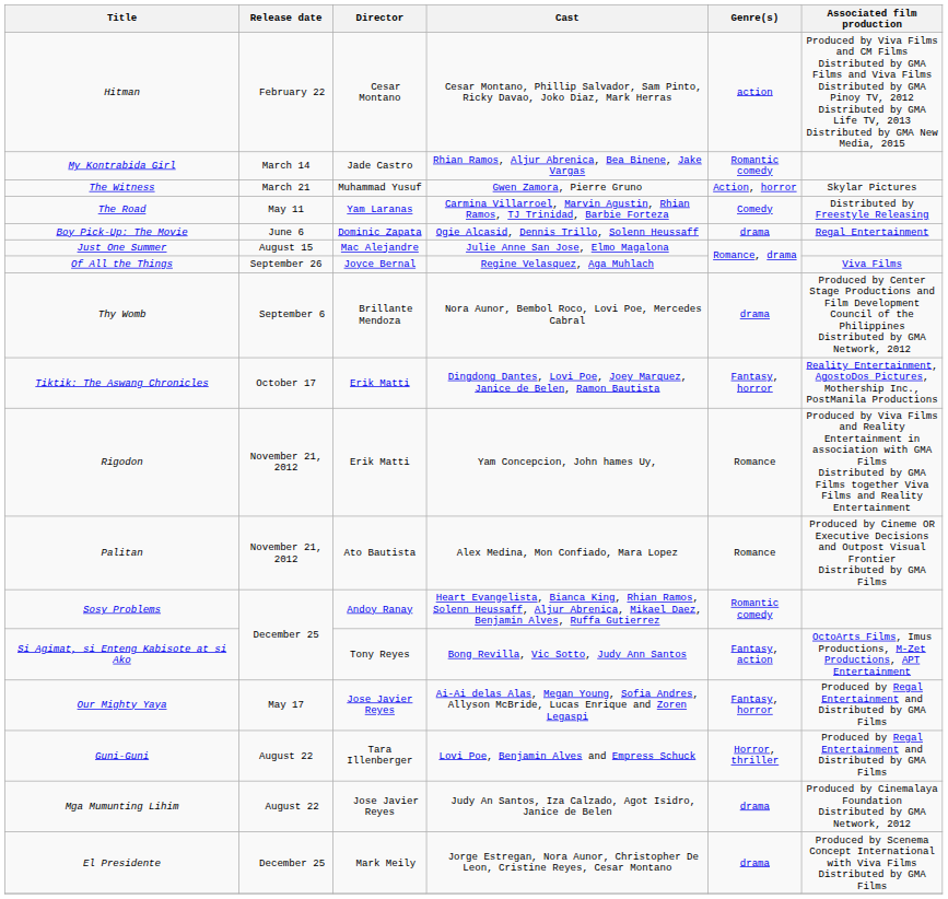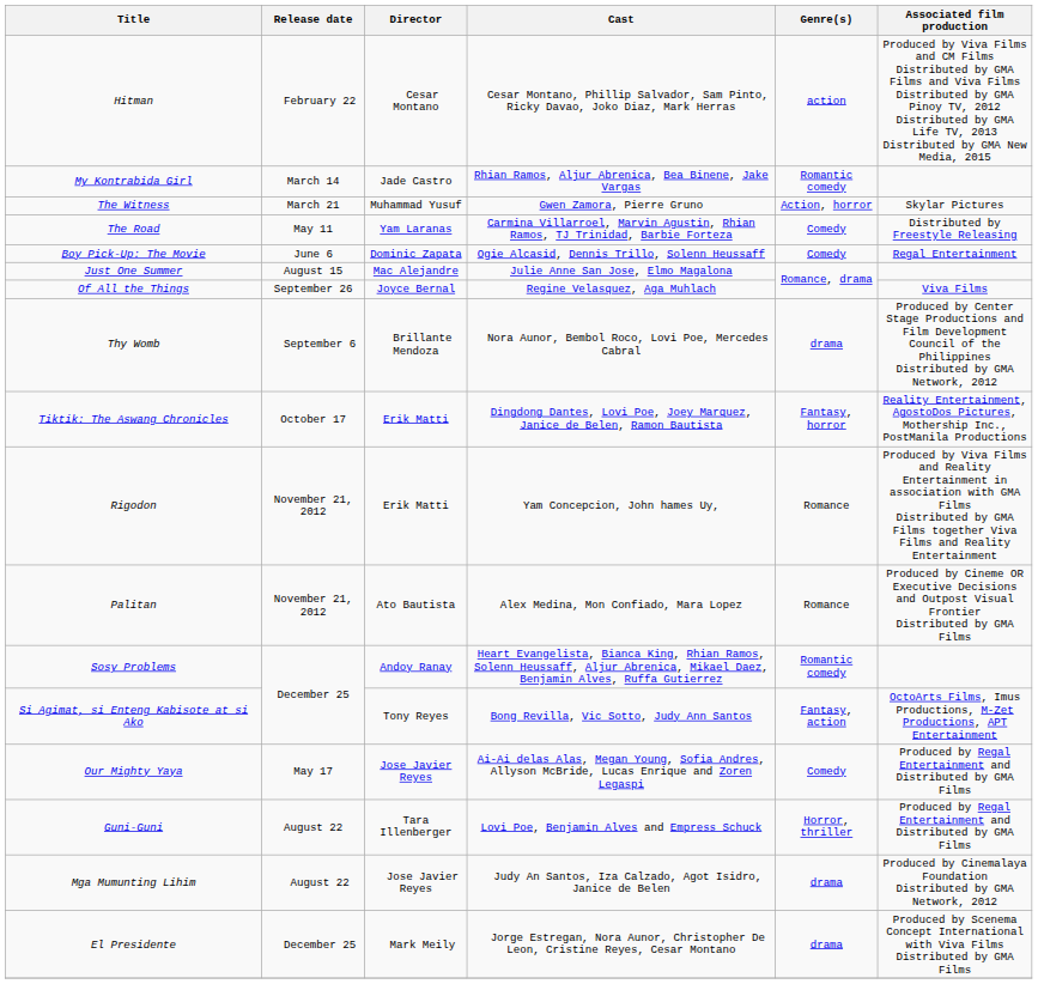 <table class="wikitable" "toccolours sortable" style="width:97%; text-align:center">
 <tr>
 <th style="width:25%;">Title</th>
 <th style="width:10%;">Release date</th>
 <th style="width:10%;">Director</th>
 <th style="width:30%;">Cast</th>
 <th style="width:10%;">Genre(s)</th>
 <th style="width:15%;">Associated film production</th>
 </tr>
 <tr>
 <td><em>Hitman</em></td>
 <td>  February 22</td>
 <td>  Cesar Montano</td>
 <td>  Cesar Montano, Phillip Salvador, Sam Pinto, Ricky Davao, Joko Diaz, Mark Herras</td>
 <td><a href='#'>action</a></td>
 <td>Produced by Viva Films and CM Films<br>Distributed by GMA Films and Viva Films Distributed by GMA Pinoy TV, 2012 Distributed by GMA Life TV, 2013 Distributed by GMA New Media, 2015 </td>
 </tr>
 <tr>
 <td><em><a href='#'>My Kontrabida Girl</a></em></td>
 <td>March 14</td>
 <td>Jade Castro</td>
 <td><a href='#'>Rhian Ramos</a>, <a href='#'>Aljur Abrenica</a>, <a href='#'>Bea Binene</a>, <a href='#'>Jake Vargas</a></td>
 <td><a href='#'>Romantic comedy</a></td>
 <td></td>
 </tr>
 <tr>
 <td><em><a href='#'>The Witness</a></em></td>
 <td>March 21</td>
 <td>Muhammad Yusuf</td>
 <td><a href='#'>Gwen Zamora</a>, Pierre Gruno</td>
 <td><a href='#'>Action</a>, <a href='#'>horror</a></td>
 <td>Skylar Pictures</td>
 </tr>
 <tr>
 <td><em><a href='#'>The Road</a></em></td>
 <td>May 11</td>
 <td><a href='#'>Yam Laranas</a></td>
 <td><a href='#'>Carmina Villarroel</a>, <a href='#'>Marvin Agustin</a>, <a href='#'>Rhian Ramos</a>, <a href='#'>TJ Trinidad</a>, <a href='#'>Barbie Forteza</a></td>
 <td><a href='#'>Comedy</a></td>
 <td>Distributed by <a href='#'>Freestyle Releasing</a> </td>
 </tr>
 <tr>
 <td><em><a href='#'>Boy Pick-Up: The Movie</a></em></td>
 <td>June 6</td>
 <td><a href='#'>Dominic Zapata</a></td>
 <td><a href='#'>Ogie Alcasid</a>, <a href='#'>Dennis Trillo</a>, <a href='#'>Solenn Heussaff</a></td>
-<td><a href='#'>drama</a></td>
+<td><a href='#'>Comedy</a></td>
 <td><a href='#'>Regal Entertainment</a></td>
 </tr>
 <tr>
 <td><em><a href='#'>Just One Summer</a></em></td>
 <td>August 15</td>
 <td><a href='#'>Mac Alejandre</a></td>
 <td><a href='#'>Julie Anne San Jose</a>, <a href='#'>Elmo Magalona</a></td>
 <td rowspan="2"><a href='#'>Romance</a>, <a href='#'>drama</a></td>
 <td></td>
 </tr>
 <tr>
 <td><em><a href='#'>Of All the Things</a></em></td>
 <td>September 26</td>
 <td><a href='#'>Joyce Bernal</a></td>
 <td><a href='#'>Regine Velasquez</a>, <a href='#'>Aga Muhlach</a></td>
 <td><a href='#'>Viva Films</a></td>
 </tr>
 <tr>
 <td><em>Thy Womb</em></td>
 <td>  September 6</td>
 <td>  Brillante Mendoza</td>
 <td>  Nora Aunor, Bembol Roco, Lovi Poe, Mercedes Cabral</td>
 <td><a href='#'>drama</a></td>
 <td>Produced by Center Stage Productions and Film Development Council of the Philippines<br>Distributed by GMA Network, 2012 </td>
 </tr>
 <tr>
 <td><em><a href='#'>Tiktik: The Aswang Chronicles</a></em></td>
 <td>October 17</td>
 <td><a href='#'>Erik Matti</a></td>
 <td><a href='#'>Dingdong Dantes</a>, <a href='#'>Lovi Poe</a>, <a href='#'>Joey Marquez</a>, <a href='#'>Janice de Belen</a>, <a href='#'>Ramon Bautista</a></td>
 <td><a href='#'>Fantasy</a>, <a href='#'>horror</a></td>
 <td><a href='#'>Reality Entertainment</a>, <a href='#'>AgostoDos Pictures</a>, Mothership Inc., PostManila Productions</td>
 </tr>
 <tr>
 <td><em>Rigodon</em></td>
 <td>November 21, 2012</td>
 <td>Erik Matti</td>
 <td>Yam Concepcion, John hames Uy,</td>
 <td>Romance</td>
 <td>Produced by Viva Films and Reality Entertainment in association with GMA Films<br>Distributed by GMA Films together Viva Films and Reality  Entertainment </td>
 </tr>
 <tr>
 <td><em>Palitan</em></td>
 <td>November 21, 2012</td>
 <td>Ato Bautista</td>
 <td>Alex Medina, Mon Confiado, Mara Lopez</td>
 <td>Romance</td>
 <td>Produced by Cineme OR Executive Decisions and Outpost Visual Frontier<br>Distributed by GMA Films </td>
 </tr>
 <tr>
 <td><em><a href='#'>Sosy Problems</a></em></td>
 <td rowspan="2">December 25</td>
 <td><a href='#'>Andoy Ranay</a></td>
 <td><a href='#'>Heart Evangelista</a>, <a href='#'>Bianca King</a>, <a href='#'>Rhian Ramos</a>, <a href='#'>Solenn Heussaff</a>, <a href='#'>Aljur Abrenica</a>, <a href='#'>Mikael Daez</a>, <a href='#'>Benjamin Alves</a>, <a href='#'>Ruffa Gutierrez</a></td>
 <td><a href='#'>Romantic comedy</a></td>
 <td></td>
 </tr>
 <tr>
 <td><em><a href='#'>Si Agimat, si Enteng Kabisote at si Ako</a></em></td>
 <td>Tony Reyes</td>
 <td><a href='#'>Bong Revilla</a>, <a href='#'>Vic Sotto</a>, <a href='#'>Judy Ann Santos</a></td>
 <td><a href='#'>Fantasy</a>, <a href='#'>action</a></td>
 <td><a href='#'>OctoArts Films</a>, Imus Productions, <a href='#'>M-Zet Productions</a>, <a href='#'>APT Entertainment</a></td>
 </tr>
 <tr>
 <td><em><a href='#'>Our Mighty Yaya</a></em></td>
 <td>May 17</td>
 <td><a href='#'>Jose Javier Reyes</a></td>
 <td><a href='#'>Ai-Ai delas Alas</a>, <a href='#'>Megan Young</a>, <a href='#'>Sofia Andres</a>, Allyson McBride, Lucas Enrique and <a href='#'>Zoren Legaspi</a></td>
-<td><a href='#'>Fantasy</a>, <a href='#'>horror</a></td>
+<td><a href='#'>Comedy</a></td>
 <td>Produced by <a href='#'>Regal Entertainment</a> and Distributed by GMA Films</td>
 </tr>
 <tr>
 <td><em><a href='#'>Guni-Guni</a></em></td>
 <td>August 22</td>
 <td>Tara Illenberger</td>
 <td><a href='#'>Lovi Poe</a>, <a href='#'>Benjamin Alves</a> and <a href='#'>Empress Schuck</a></td>
 <td><a href='#'>Horror</a>, <a href='#'>thriller</a></td>
 <td>Produced by <a href='#'>Regal Entertainment</a> and Distributed by GMA Films</td>
 </tr>
 <tr>
 <td><em>Mga Mumunting Lihim</em></td>
 <td>  August 22</td>
 <td>  Jose Javier Reyes</td>
 <td>  Judy An Santos, Iza Calzado, Agot Isidro, Janice de Belen</td>
 <td><a href='#'>drama</a></td>
 <td>Produced by Cinemalaya Foundation<br>Distributed by GMA Network, 2012 </td>
 </tr>
 <tr>
 <td><em>El Presidente</em></td>
 <td>  December 25</td>
 <td>  Mark Meily</td>
 <td>  Jorge Estregan, Nora Aunor, Christopher De Leon, Cristine Reyes, Cesar Montano</td>
 <td><a href='#'>drama</a></td>
 <td>Produced by Scenema Concept International with Viva Films<br>Distributed by GMA Films </td>
 </tr>
 <tr>
 </tr>
 </table>
